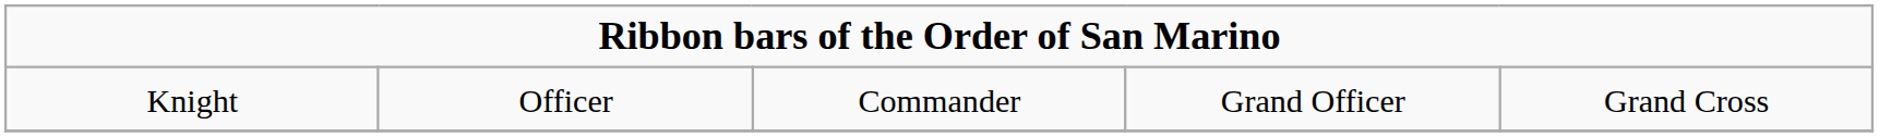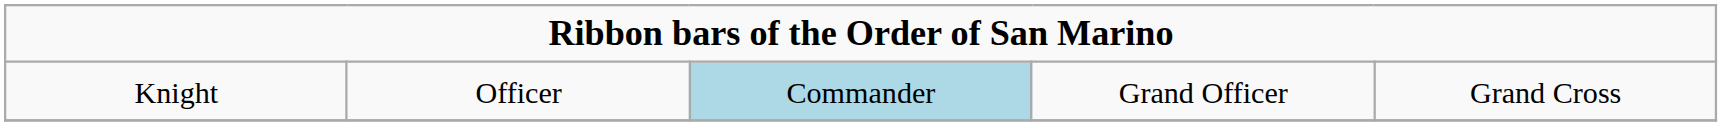 <table align=center class=wikitable width=60%>
 <tr>
 <td colspan=5 style="text-align:center;"><strong>Ribbon bars of the Order of San Marino</strong></td>
 </tr>
 <tr>
 <td width=20% valign=top align=center><small>Knight</small></td>
 <td width=20% valign=top align=center><small>Officer</small></td>
-<td width=20% valign=top align=center><small>Commander</small></td>
+<td width=20% valign=top align=center style="background: lightblue;"><small>Commander</small></td>
 <td width=20% valign=top align=center><small>Grand Officer</small></td>
 <td width=20% valign=top align=center><small>Grand Cross</small></td>
 </tr>
 <tr>
 </tr>
 </table>
